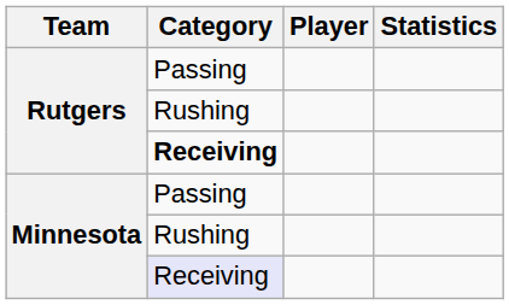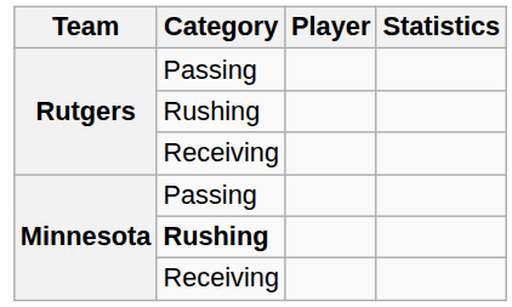 <table class="wikitable" style="float:right">
 <tr>
 <th>Team</th>
 <th>Category</th>
 <th>Player</th>
 <th>Statistics</th>
 </tr>
 <tr>
 <th rowspan=3>Rutgers</th>
 <td>Passing</td>
 <td></td>
 <td></td>
 </tr>
 <tr>
 <td>Rushing</td>
 <td></td>
 <td></td>
 </tr>
 <tr>
-<td><strong>Receiving</strong></td>
+<td>Receiving</td>
 <td></td>
 <td></td>
 </tr>
 <tr>
 <th rowspan=3>Minnesota</th>
 <td>Passing</td>
 <td></td>
 <td></td>
 </tr>
 <tr>
-<td>Rushing</td>
+<td><strong>Rushing</strong></td>
 <td></td>
 <td></td>
 </tr>
 <tr>
-<td style="background: lavender;">Receiving</td>
+<td>Receiving</td>
 <td></td>
 <td></td>
 </tr>
 </table>
